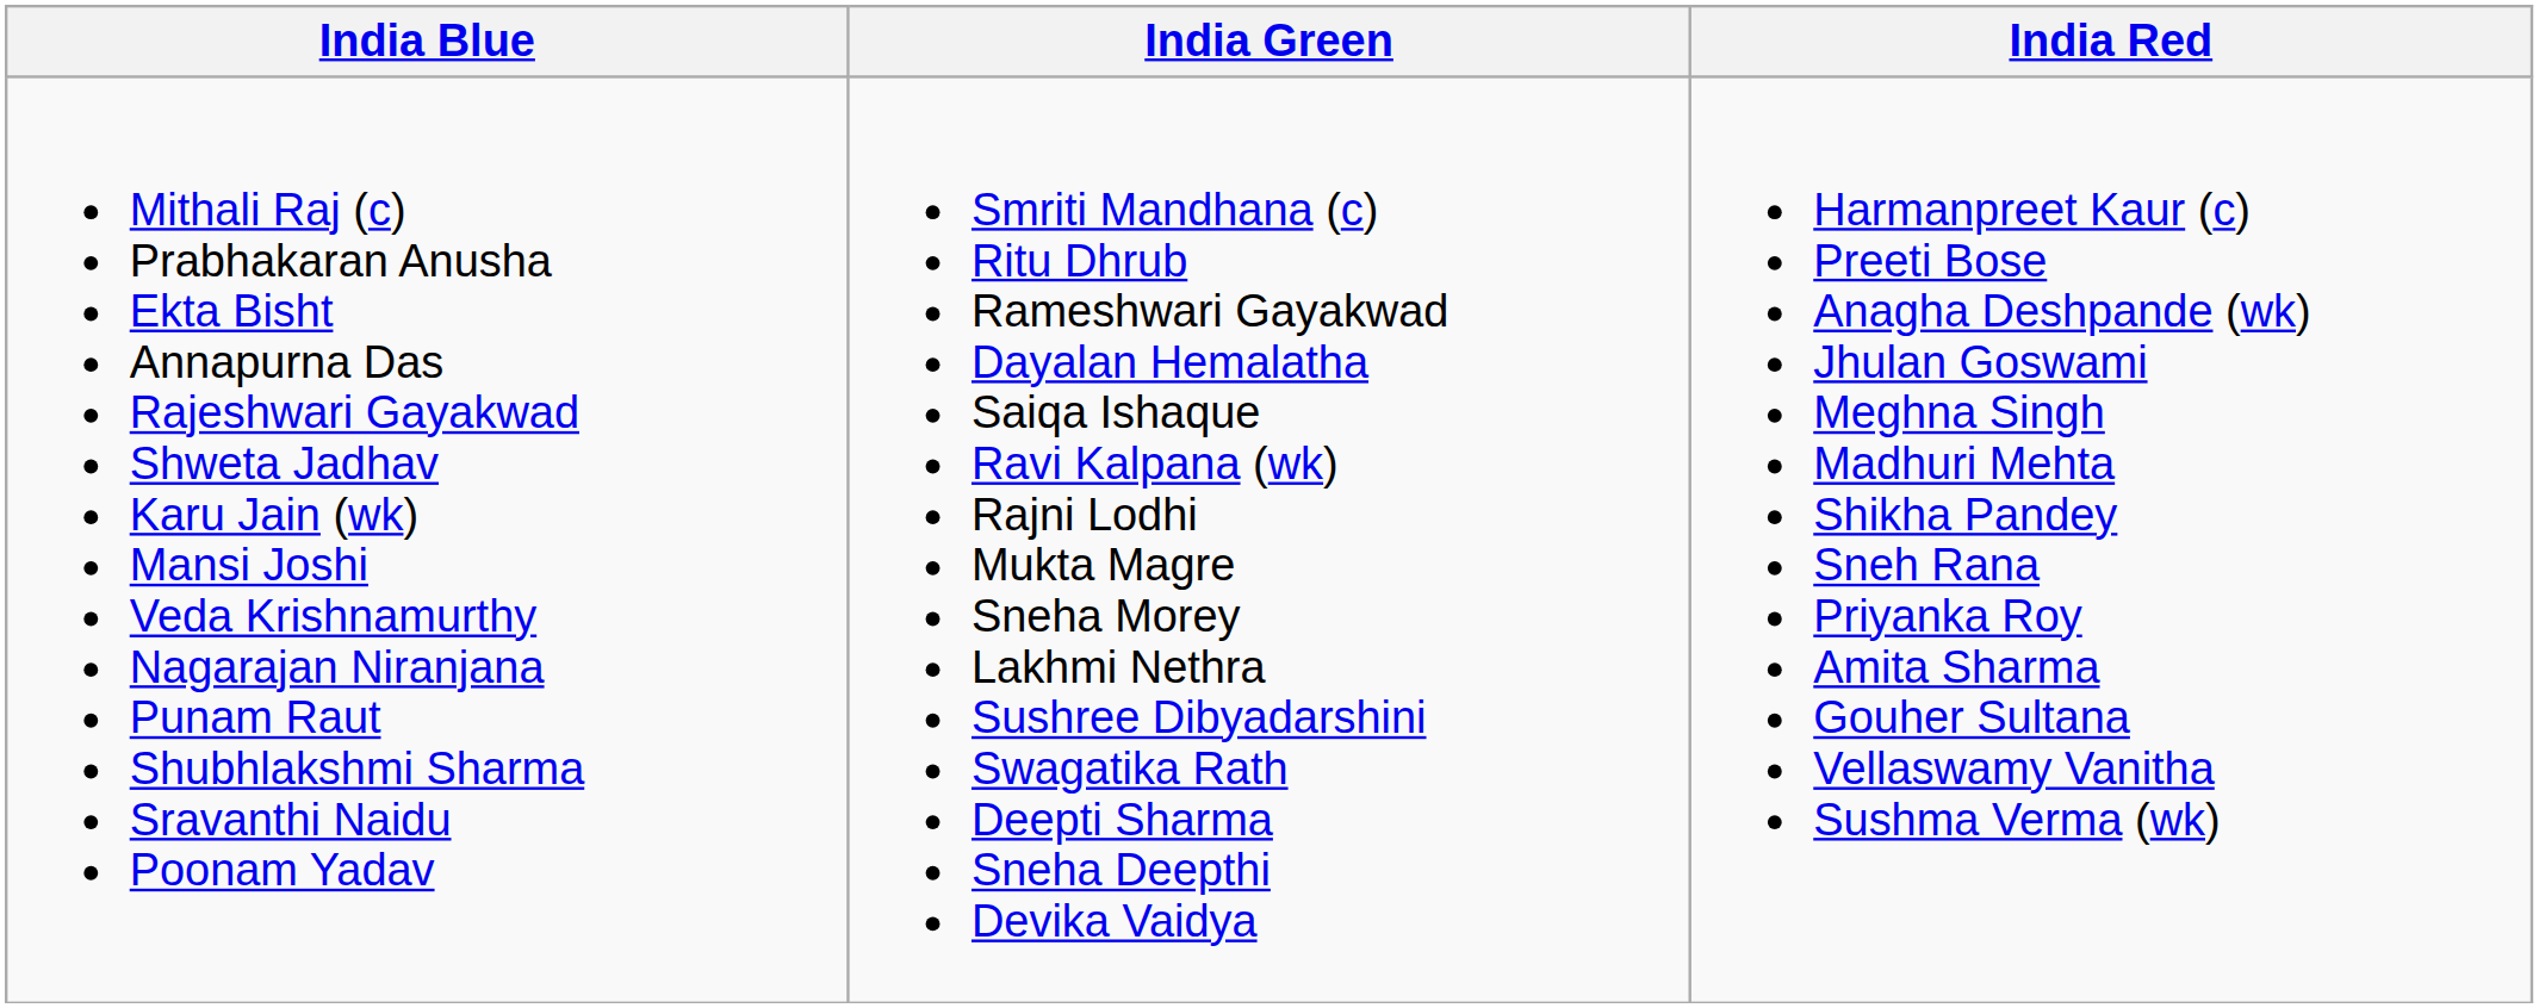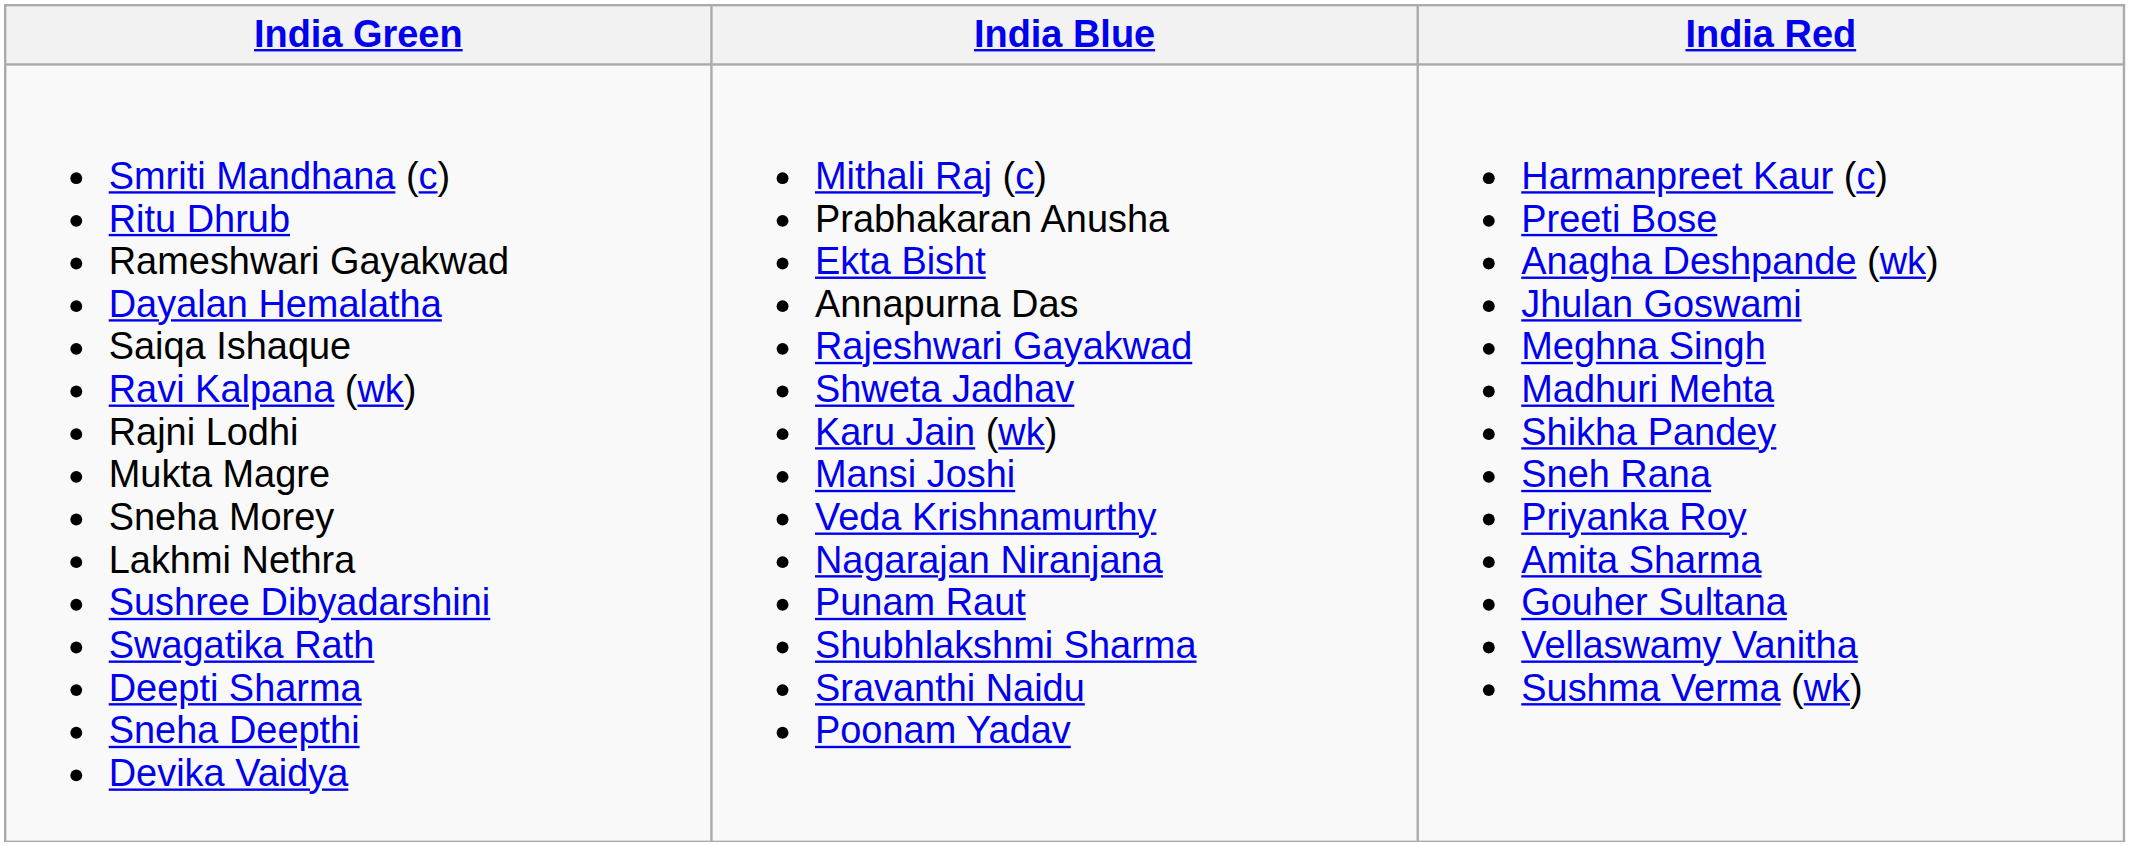 <table class="wikitable">
 <tr>
+<th style="width:25%;"><a href='#'>India Green</a></th>
 <th style="width:25%;"><a href='#'>India Blue</a></th>
-<th style="width:25%;"><a href='#'>India Green</a></th>
 <th style="width:25%;"><a href='#'>India Red</a></th>
 </tr>
 <tr style="vertical-align:top">
+<td><br><ul><li><a href='#'>Smriti Mandhana</a> (<a href='#'>c</a>)</li><li><a href='#'>Ritu Dhrub</a></li><li>Rameshwari Gayakwad</li><li><a href='#'>Dayalan Hemalatha</a></li><li>Saiqa Ishaque</li><li><a href='#'>Ravi Kalpana</a> (<a href='#'>wk</a>)</li><li>Rajni Lodhi</li><li>Mukta Magre</li><li>Sneha Morey</li><li>Lakhmi Nethra</li><li><a href='#'>Sushree Dibyadarshini</a></li><li><a href='#'>Swagatika Rath</a></li><li><a href='#'>Deepti Sharma</a></li><li><a href='#'>Sneha Deepthi</a></li><li><a href='#'>Devika Vaidya</a></li></ul></td>
 <td><br><ul><li><a href='#'>Mithali Raj</a> (<a href='#'>c</a>)</li><li>Prabhakaran Anusha</li><li><a href='#'>Ekta Bisht</a></li><li>Annapurna Das</li><li><a href='#'>Rajeshwari Gayakwad</a></li><li><a href='#'>Shweta Jadhav</a></li><li><a href='#'>Karu Jain</a> (<a href='#'>wk</a>)</li><li><a href='#'>Mansi Joshi</a></li><li><a href='#'>Veda Krishnamurthy</a></li><li><a href='#'>Nagarajan Niranjana</a></li><li><a href='#'>Punam Raut</a></li><li><a href='#'>Shubhlakshmi Sharma</a></li><li><a href='#'>Sravanthi Naidu</a></li><li><a href='#'>Poonam Yadav</a></li></ul></td>
-<td><br><ul><li><a href='#'>Smriti Mandhana</a> (<a href='#'>c</a>)</li><li><a href='#'>Ritu Dhrub</a></li><li>Rameshwari Gayakwad</li><li><a href='#'>Dayalan Hemalatha</a></li><li>Saiqa Ishaque</li><li><a href='#'>Ravi Kalpana</a> (<a href='#'>wk</a>)</li><li>Rajni Lodhi</li><li>Mukta Magre</li><li>Sneha Morey</li><li>Lakhmi Nethra</li><li><a href='#'>Sushree Dibyadarshini</a></li><li><a href='#'>Swagatika Rath</a></li><li><a href='#'>Deepti Sharma</a></li><li><a href='#'>Sneha Deepthi</a></li><li><a href='#'>Devika Vaidya</a></li></ul></td>
 <td><br><ul><li><a href='#'>Harmanpreet Kaur</a> (<a href='#'>c</a>)</li><li><a href='#'>Preeti Bose</a></li><li><a href='#'>Anagha Deshpande</a> (<a href='#'>wk</a>)</li><li><a href='#'>Jhulan Goswami</a></li><li><a href='#'>Meghna Singh</a></li><li><a href='#'>Madhuri Mehta</a></li><li><a href='#'>Shikha Pandey</a></li><li><a href='#'>Sneh Rana</a></li><li><a href='#'>Priyanka Roy</a></li><li><a href='#'>Amita Sharma</a></li><li><a href='#'>Gouher Sultana</a></li><li><a href='#'>Vellaswamy Vanitha</a></li><li><a href='#'>Sushma Verma</a> (<a href='#'>wk</a>)</li></ul></td>
 </tr>
 </table>
